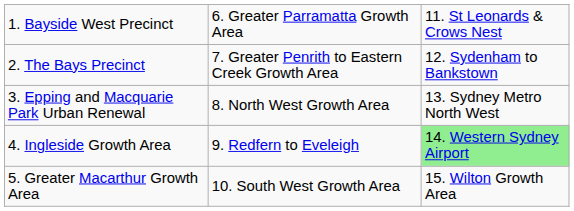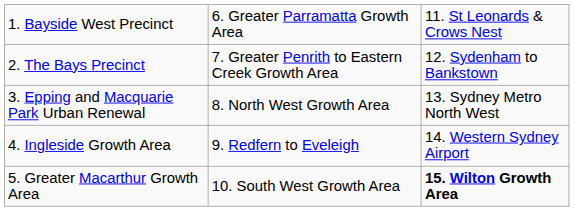 <table class="wikitable">
 <tr>
 <td>1. <a href='#'>Bayside</a> West Precinct</td>
 <td>6. Greater <a href='#'>Parramatta</a> Growth Area</td>
 <td>11. <a href='#'>St Leonards</a> & <a href='#'>Crows Nest</a></td>
 </tr>
 <tr>
 <td>2. <a href='#'>The Bays Precinct</a></td>
 <td>7. Greater <a href='#'>Penrith</a> to Eastern Creek Growth Area</td>
 <td>12. <a href='#'>Sydenham</a> to <a href='#'>Bankstown</a></td>
 </tr>
 <tr>
 <td>3. <a href='#'>Epping</a> and <a href='#'>Macquarie Park</a> Urban Renewal</td>
 <td>8. North West Growth Area</td>
 <td>13. Sydney Metro North West</td>
 </tr>
 <tr>
 <td>4. <a href='#'>Ingleside</a> Growth Area</td>
 <td>9. <a href='#'>Redfern</a> to <a href='#'>Eveleigh</a></td>
-<td style="background: lightgreen;">14. <a href='#'>Western Sydney Airport</a></td>
+<td>14. <a href='#'>Western Sydney Airport</a></td>
 </tr>
 <tr>
 <td>5. Greater <a href='#'>Macarthur</a> Growth Area</td>
 <td>10. South West Growth Area</td>
-<td>15. <a href='#'>Wilton</a> Growth Area</td>
+<td><strong>15. <a href='#'>Wilton</a> Growth Area</strong></td>
 </tr>
 </table>
